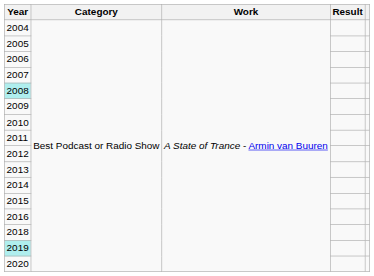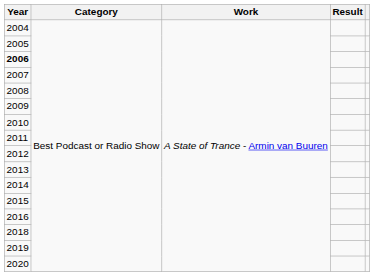 <table class="wikitable">
 <tr>
 <th>Year</th>
 <th>Category</th>
 <th>Work</th>
 <th>Result</th>
 <th></th>
 </tr>
 <tr>
 <td>2004</td>
 <td rowspan="16">Best Podcast or Radio Show</td>
 <td rowspan="16"><em>A State of Trance</em> - <a href='#'>Armin van Buuren</a></td>
 <td></td>
 <td></td>
 </tr>
 <tr>
 <td>2005</td>
 <td></td>
 <td></td>
 </tr>
 <tr>
-<td>2006</td>
+<td><strong>2006</strong></td>
 <td></td>
 <td></td>
 </tr>
 <tr>
 <td>2007</td>
 <td></td>
 <td></td>
 </tr>
 <tr>
-<td style="background: paleturquoise;">2008</td>
+<td>2008</td>
 <td></td>
 <td></td>
 </tr>
 <tr>
 <td>2009</td>
 <td></td>
 <td></td>
 </tr>
 <tr>
 <td>2010</td>
 <td></td>
 <td></td>
 </tr>
 <tr>
 <td>2011</td>
 <td></td>
 <td></td>
 </tr>
 <tr>
 <td>2012</td>
 <td></td>
 <td></td>
 </tr>
 <tr>
 <td>2013</td>
 <td></td>
 <td></td>
 </tr>
 <tr>
 <td>2014</td>
 <td></td>
 <td></td>
 </tr>
 <tr>
 <td>2015</td>
 <td></td>
 <td></td>
 </tr>
 <tr>
 <td>2016</td>
 <td></td>
 <td></td>
 </tr>
 <tr>
 <td>2018</td>
 <td></td>
 <td></td>
 </tr>
 <tr>
-<td style="background: paleturquoise;">2019</td>
+<td>2019</td>
 <td></td>
 <td></td>
 </tr>
 <tr>
 <td>2020</td>
 <td></td>
 <td></td>
 </tr>
 </table>
